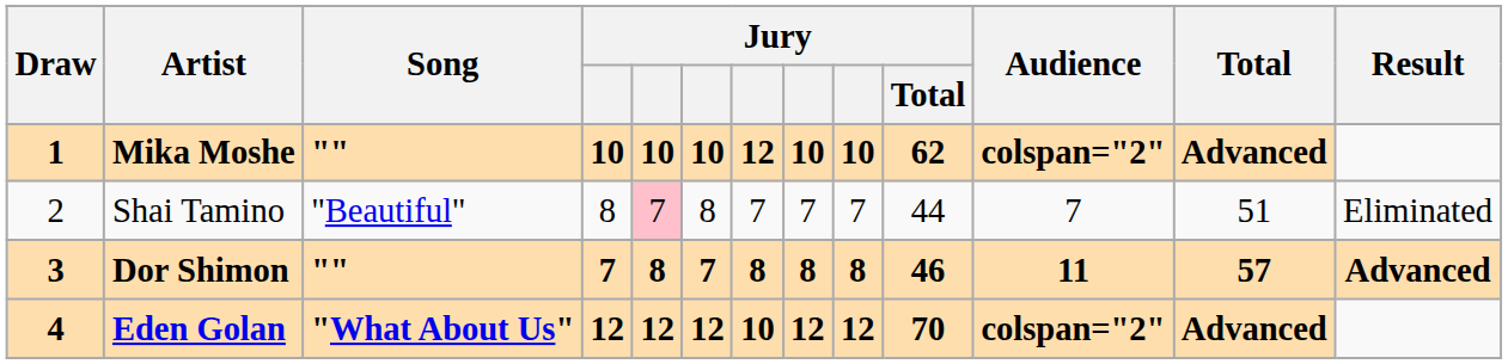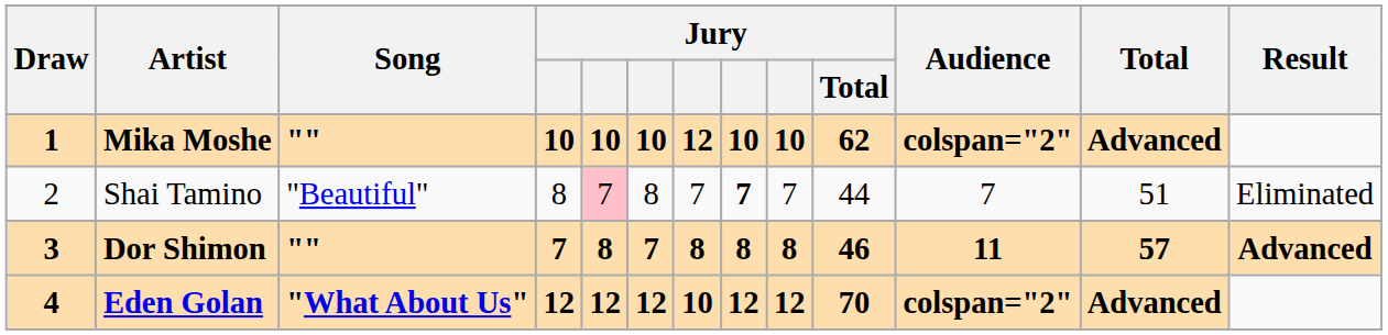 <table class="sortable wikitable" style="margin: 1em auto 1em auto; text-align:center; font-size:90%; line-height:18px;">
 <tr>
 </tr>
 <tr>
 <th rowspan="2">Draw</th>
 <th rowspan="2">Artist</th>
 <th rowspan="2">Song</th>
 <th colspan="7" class="unsortable">Jury</th>
 <th rowspan="2">Audience</th>
 <th rowspan="2">Total</th>
 <th rowspan="2">Result</th>
 </tr>
 <tr>
 <th class="unsortable"></th>
 <th class="unsortable"></th>
 <th class="unsortable"></th>
 <th class="unsortable"></th>
 <th class="unsortable"></th>
 <th class="unsortable"></th>
 <th class="unsortable">Total</th>
 </tr>
 <tr style="font-weight:bold; background:navajowhite;">
 <td>1</td>
 <td align="left">Mika Moshe</td>
 <td align="left">""</td>
 <td>10</td>
 <td>10</td>
 <td>10</td>
 <td>12</td>
 <td>10</td>
 <td>10</td>
 <td>62</td>
 <td>colspan="2" </td>
 <td>Advanced</td>
 </tr>
 <tr>
 <td>2</td>
 <td align="left">Shai Tamino</td>
 <td align="left">"<a href='#'>Beautiful</a>"</td>
 <td>8</td>
 <td style="background: pink;">7</td>
 <td>8</td>
 <td>7</td>
-<td>7</td>
+<td><strong>7</strong></td>
 <td>7</td>
 <td>44</td>
 <td>7</td>
 <td>51</td>
 <td>Eliminated</td>
 </tr>
 <tr style="font-weight:bold; background:navajowhite;">
 <td>3</td>
 <td align="left">Dor Shimon</td>
 <td align="left">""</td>
 <td>7</td>
 <td>8</td>
 <td>7</td>
 <td>8</td>
 <td>8</td>
 <td>8</td>
 <td>46</td>
 <td>11</td>
 <td>57</td>
 <td>Advanced</td>
 </tr>
 <tr style="font-weight:bold; background:navajowhite;">
 <td>4</td>
 <td align="left"><a href='#'>Eden Golan</a></td>
 <td align="left">"<a href='#'>What About Us</a>"</td>
 <td>12</td>
 <td>12</td>
 <td>12</td>
 <td>10</td>
 <td>12</td>
 <td>12</td>
 <td>70</td>
 <td>colspan="2" </td>
 <td>Advanced</td>
 </tr>
 </table>
